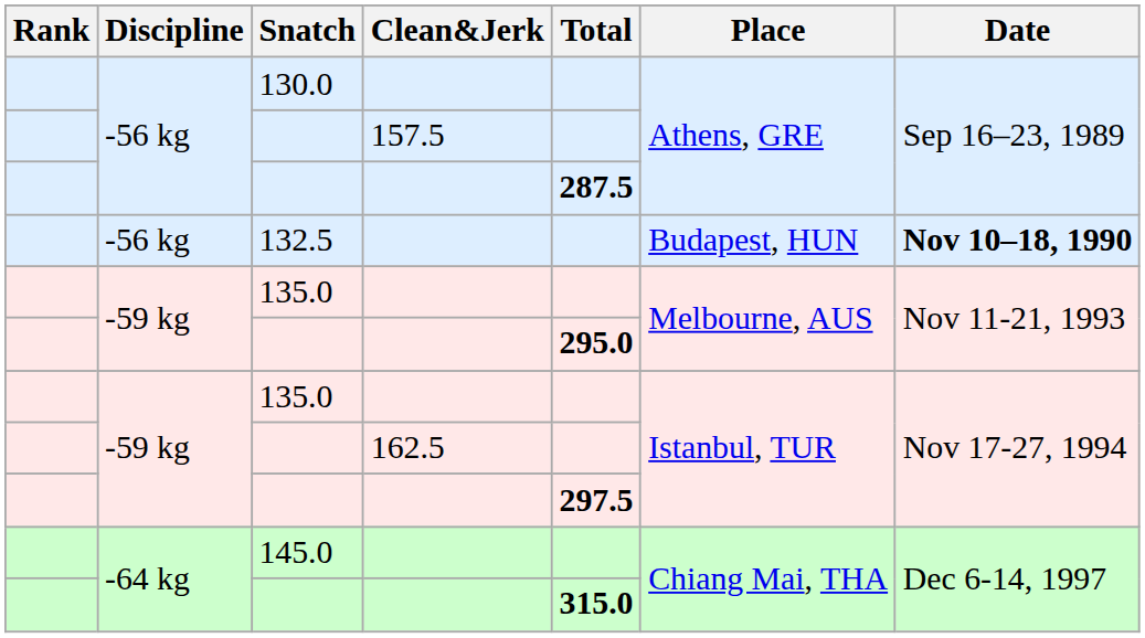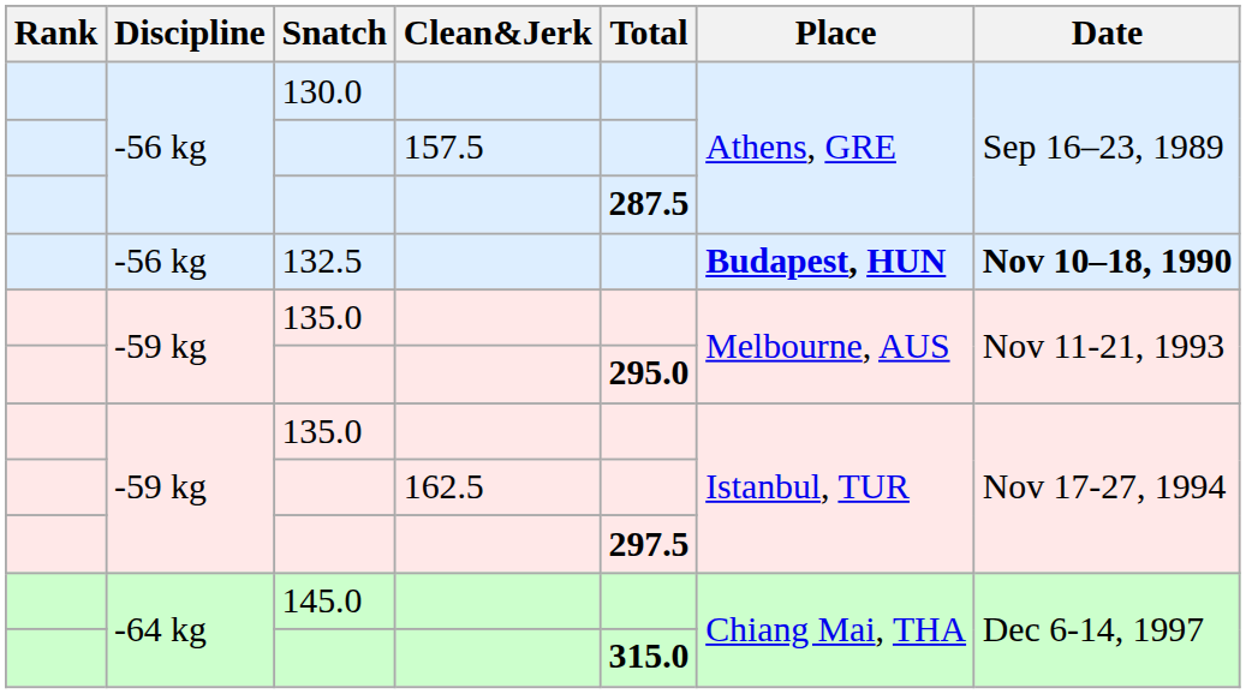 <table class="wikitable">
 <tr>
 <th>Rank</th>
 <th>Discipline</th>
 <th>Snatch</th>
 <th>Clean&Jerk</th>
 <th>Total</th>
 <th>Place</th>
 <th>Date</th>
 </tr>
 <tr bgcolor=#DDEEFF>
 <td></td>
 <td rowspan=3>-56 kg</td>
 <td>130.0</td>
 <td></td>
 <td></td>
 <td rowspan=3><a href='#'>Athens</a>, <a href='#'>GRE</a></td>
 <td rowspan=3>Sep 16–23, 1989</td>
 </tr>
 <tr bgcolor=#DDEEFF>
 <td></td>
 <td></td>
 <td>157.5</td>
 <td></td>
 </tr>
 <tr bgcolor=#DDEEFF>
 <td><strong></strong></td>
 <td></td>
 <td></td>
 <td><strong>287.5</strong></td>
 </tr>
 <tr bgcolor=#DDEEFF>
 <td></td>
 <td>-56 kg</td>
 <td>132.5</td>
 <td></td>
 <td></td>
-<td><a href='#'>Budapest</a>, <a href='#'>HUN</a></td>
+<td><strong><a href='#'>Budapest</a>, <a href='#'>HUN</a></strong></td>
 <td><strong>Nov 10–18, 1990</strong></td>
 </tr>
 <tr bgcolor=#FFE8E8>
 <td></td>
 <td rowspan=2>-59 kg</td>
 <td>135.0</td>
 <td></td>
 <td></td>
 <td rowspan=2><a href='#'>Melbourne</a>, <a href='#'>AUS</a></td>
 <td rowspan=2>Nov 11-21, 1993</td>
 </tr>
 <tr bgcolor=#FFE8E8>
 <td><strong></strong></td>
 <td></td>
 <td></td>
 <td><strong>295.0</strong></td>
 </tr>
 <tr bgcolor=#FFE8E8>
 <td></td>
 <td rowspan=3>-59 kg</td>
 <td>135.0</td>
 <td></td>
 <td></td>
 <td rowspan=3><a href='#'>Istanbul</a>, <a href='#'>TUR</a></td>
 <td rowspan=3>Nov 17-27, 1994</td>
 </tr>
 <tr bgcolor=#FFE8E8>
 <td></td>
 <td></td>
 <td>162.5</td>
 <td></td>
 </tr>
 <tr bgcolor=#FFE8E8>
 <td><strong></strong></td>
 <td></td>
 <td></td>
 <td><strong>297.5</strong></td>
 </tr>
 <tr bgcolor=#CCFFCC>
 <td></td>
 <td rowspan=2>-64 kg</td>
 <td>145.0</td>
 <td></td>
 <td></td>
 <td rowspan=2><a href='#'>Chiang Mai</a>, <a href='#'>THA</a></td>
 <td rowspan=2>Dec 6-14, 1997</td>
 </tr>
 <tr bgcolor=#CCFFCC>
 <td><strong></strong></td>
 <td></td>
 <td></td>
 <td><strong>315.0</strong></td>
 </tr>
 </table>
